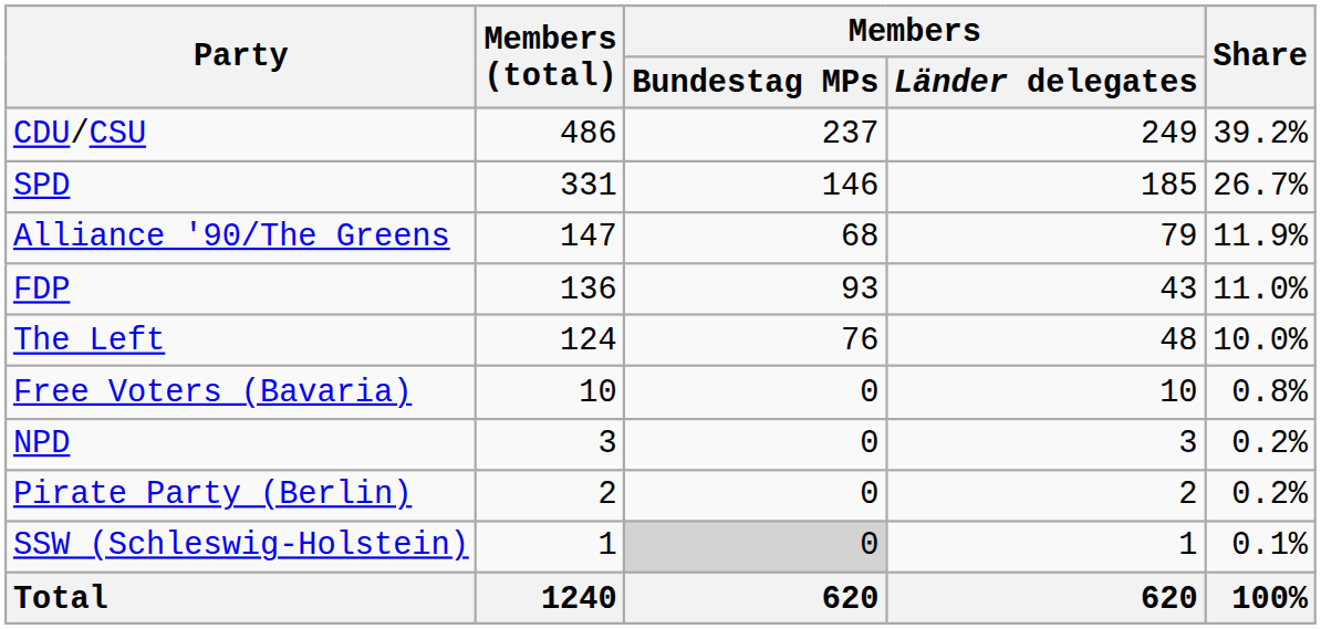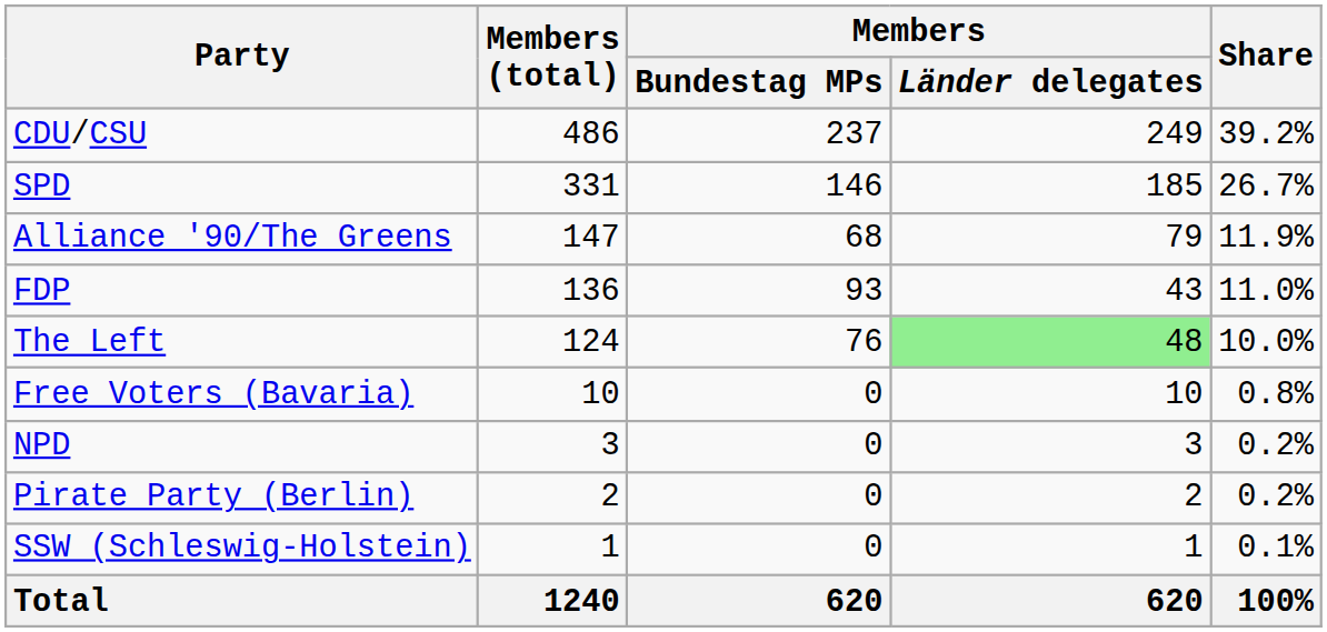 <table class="wikitable">
 <tr>
 <th rowspan="2">Party</th>
 <th rowspan="2">Members<br>(total)</th>
 <th colspan="2">Members</th>
 <th rowspan="2">Share</th>
 </tr>
 <tr>
 <th>Bundestag MPs</th>
 <th><em>Länder</em> delegates</th>
 </tr>
 <tr>
 <td><a href='#'>CDU</a>/<a href='#'>CSU</a></td>
 <td style="text-align:right">486</td>
 <td style="text-align:right">237</td>
 <td style="text-align:right">249</td>
 <td style="text-align:right">39.2%</td>
 </tr>
 <tr>
 <td><a href='#'>SPD</a></td>
 <td style="text-align:right">331</td>
 <td style="text-align:right">146</td>
 <td style="text-align:right">185</td>
 <td style="text-align:right">26.7%</td>
 </tr>
 <tr>
 <td><a href='#'>Alliance '90/The Greens</a></td>
 <td style="text-align:right">147</td>
 <td style="text-align:right">68</td>
 <td style="text-align:right">79</td>
 <td style="text-align:right">11.9%</td>
 </tr>
 <tr>
 <td><a href='#'>FDP</a></td>
 <td style="text-align:right">136</td>
 <td style="text-align:right">93</td>
 <td style="text-align:right">43</td>
 <td style="text-align:right">11.0%</td>
 </tr>
 <tr>
 <td><a href='#'>The Left</a></td>
 <td style="text-align:right">124</td>
 <td style="text-align:right">76</td>
-<td style="text-align:right">48</td>
+<td style="background: lightgreen; text-align:right">48</td>
 <td style="text-align:right">10.0%</td>
 </tr>
 <tr>
 <td><a href='#'>Free Voters (Bavaria)</a></td>
 <td style="text-align:right">10</td>
 <td style="text-align:right">0</td>
 <td style="text-align:right">10</td>
 <td style="text-align:right">0.8%</td>
 </tr>
 <tr>
 <td><a href='#'>NPD</a></td>
 <td style="text-align:right">3</td>
 <td style="text-align:right">0</td>
 <td style="text-align:right">3</td>
 <td style="text-align:right">0.2%</td>
 </tr>
 <tr>
 <td><a href='#'>Pirate Party (Berlin)</a></td>
 <td style="text-align:right">2</td>
 <td style="text-align:right">0</td>
 <td style="text-align:right">2</td>
 <td style="text-align:right">0.2%</td>
 </tr>
 <tr>
 <td><a href='#'>SSW (Schleswig-Holstein)</a></td>
 <td style="text-align:right">1</td>
-<td style="background: lightgrey; text-align:right">0</td>
+<td style="text-align:right">0</td>
 <td style="text-align:right">1</td>
 <td style="text-align:right">0.1%</td>
 </tr>
 <tr>
 <th style="text-align:left">Total</th>
 <th style="text-align:right">1240</th>
 <th style="text-align:right">620</th>
 <th style="text-align:right">620</th>
 <th style="text-align:right">100%</th>
 </tr>
 </table>
